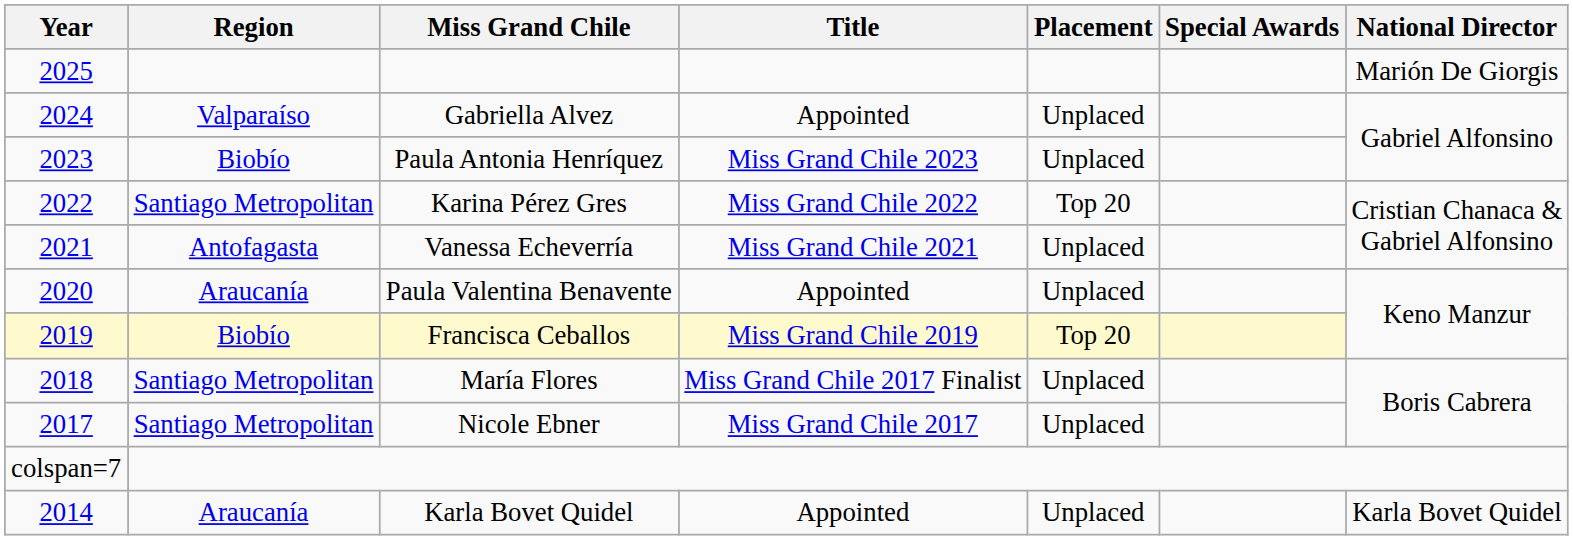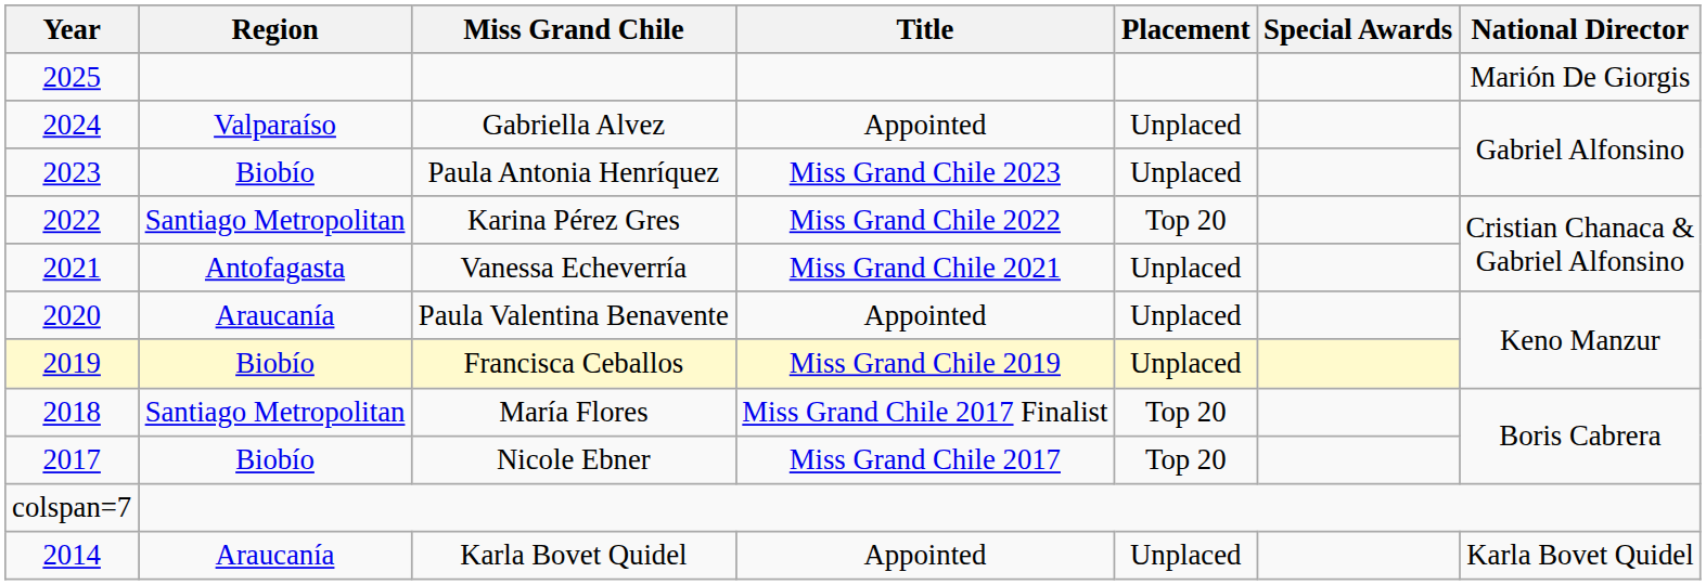 <table class="wikitable" style="font-size: 95%; text-align:center">
 <tr>
 <th>Year</th>
 <th>Region</th>
 <th>Miss Grand Chile</th>
 <th>Title</th>
 <th>Placement</th>
 <th>Special Awards</th>
 <th>National Director</th>
 </tr>
 <tr>
 <td><a href='#'>2025</a></td>
 <td></td>
 <td></td>
 <td></td>
 <td></td>
 <td></td>
 <td>Marión De Giorgis</td>
 </tr>
 <tr>
 <td><a href='#'>2024</a></td>
 <td><a href='#'>Valparaíso</a></td>
 <td>Gabriella Alvez</td>
 <td>Appointed</td>
 <td>Unplaced</td>
 <td></td>
 <td rowspan=2>Gabriel Alfonsino</td>
 </tr>
 <tr>
 <td><a href='#'>2023</a></td>
 <td><a href='#'>Biobío</a></td>
 <td>Paula Antonia Henríquez</td>
 <td><a href='#'>Miss Grand Chile 2023</a></td>
 <td>Unplaced</td>
 <td></td>
 </tr>
 <tr>
 <td><a href='#'>2022</a></td>
 <td><a href='#'>Santiago Metropolitan</a></td>
 <td>Karina Pérez Gres</td>
 <td><a href='#'>Miss Grand Chile 2022</a></td>
 <td>Top 20</td>
 <td></td>
 <td rowspan=2>Cristian Chanaca &<br>Gabriel Alfonsino</td>
 </tr>
 <tr>
 <td><a href='#'>2021</a></td>
 <td><a href='#'>Antofagasta</a></td>
 <td>Vanessa Echeverría</td>
 <td><a href='#'>Miss Grand Chile 2021</a></td>
 <td>Unplaced</td>
 <td></td>
 </tr>
 <tr>
 <td><a href='#'>2020</a></td>
 <td><a href='#'>Araucanía</a></td>
 <td>Paula Valentina Benavente</td>
 <td>Appointed</td>
 <td>Unplaced</td>
 <td></td>
 <td rowspan=2>Keno Manzur</td>
 </tr>
 <tr bgcolor=#FFFACD>
 <td><a href='#'>2019</a></td>
 <td><a href='#'>Biobío</a></td>
 <td>Francisca Ceballos</td>
 <td><a href='#'>Miss Grand Chile 2019</a></td>
-<td>Top 20</td>
+<td>Unplaced</td>
 <td></td>
 </tr>
 <tr>
 <td><a href='#'>2018</a></td>
 <td><a href='#'>Santiago Metropolitan</a></td>
 <td>María Flores</td>
 <td><a href='#'>Miss Grand Chile 2017</a> Finalist</td>
-<td>Unplaced</td>
+<td>Top 20</td>
 <td></td>
 <td rowspan=2>Boris Cabrera</td>
 </tr>
 <tr>
 <td><a href='#'>2017</a></td>
-<td><a href='#'>Santiago Metropolitan</a></td>
+<td><a href='#'>Biobío</a></td>
 <td>Nicole Ebner</td>
 <td><a href='#'>Miss Grand Chile 2017</a></td>
-<td>Unplaced</td>
+<td>Top 20</td>
 <td></td>
 </tr>
 <tr>
 <td>colspan=7 </td>
 </tr>
 <tr>
 <td><a href='#'>2014</a></td>
 <td><a href='#'>Araucanía</a></td>
 <td>Karla Bovet Quidel</td>
 <td>Appointed</td>
 <td>Unplaced</td>
 <td></td>
 <td>Karla Bovet Quidel</td>
 </tr>
 </table>
